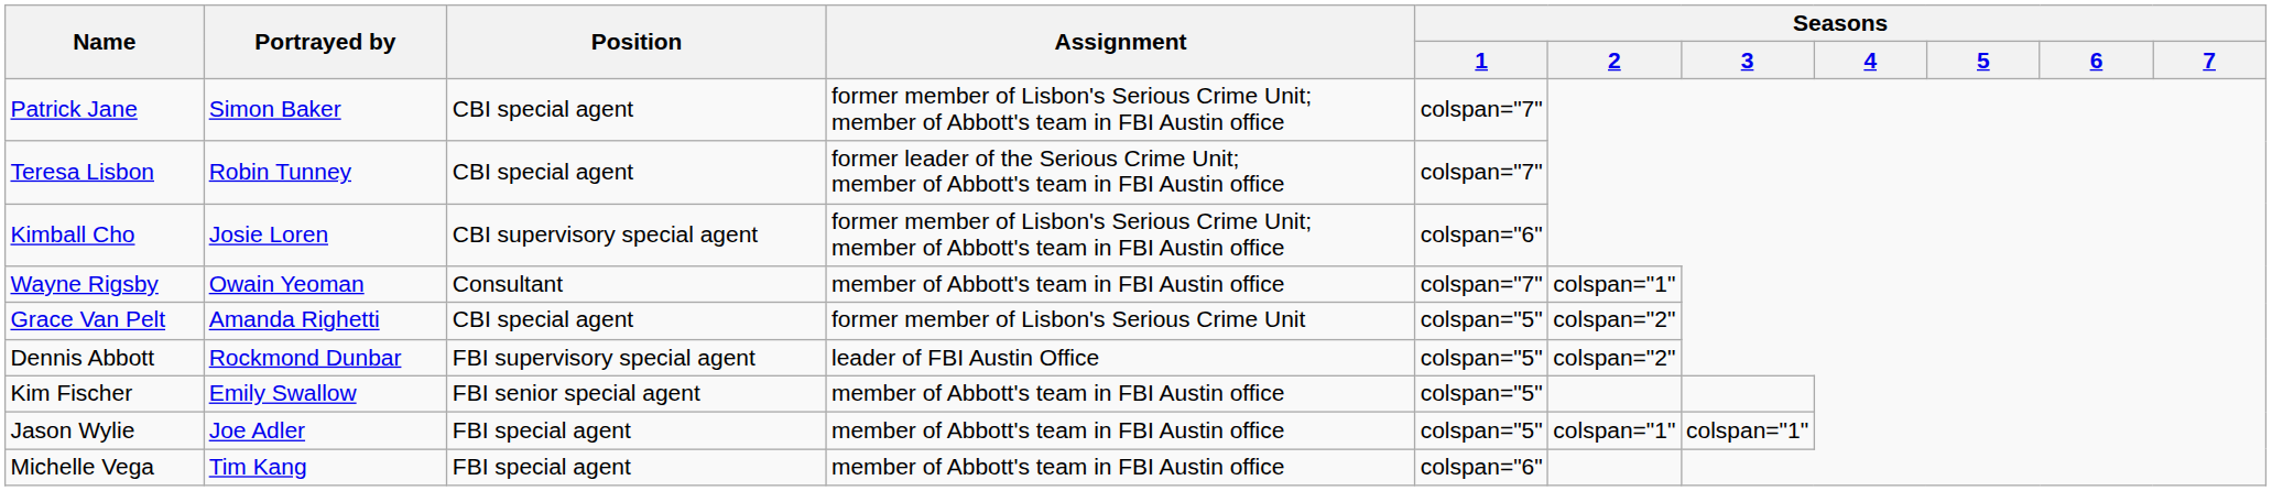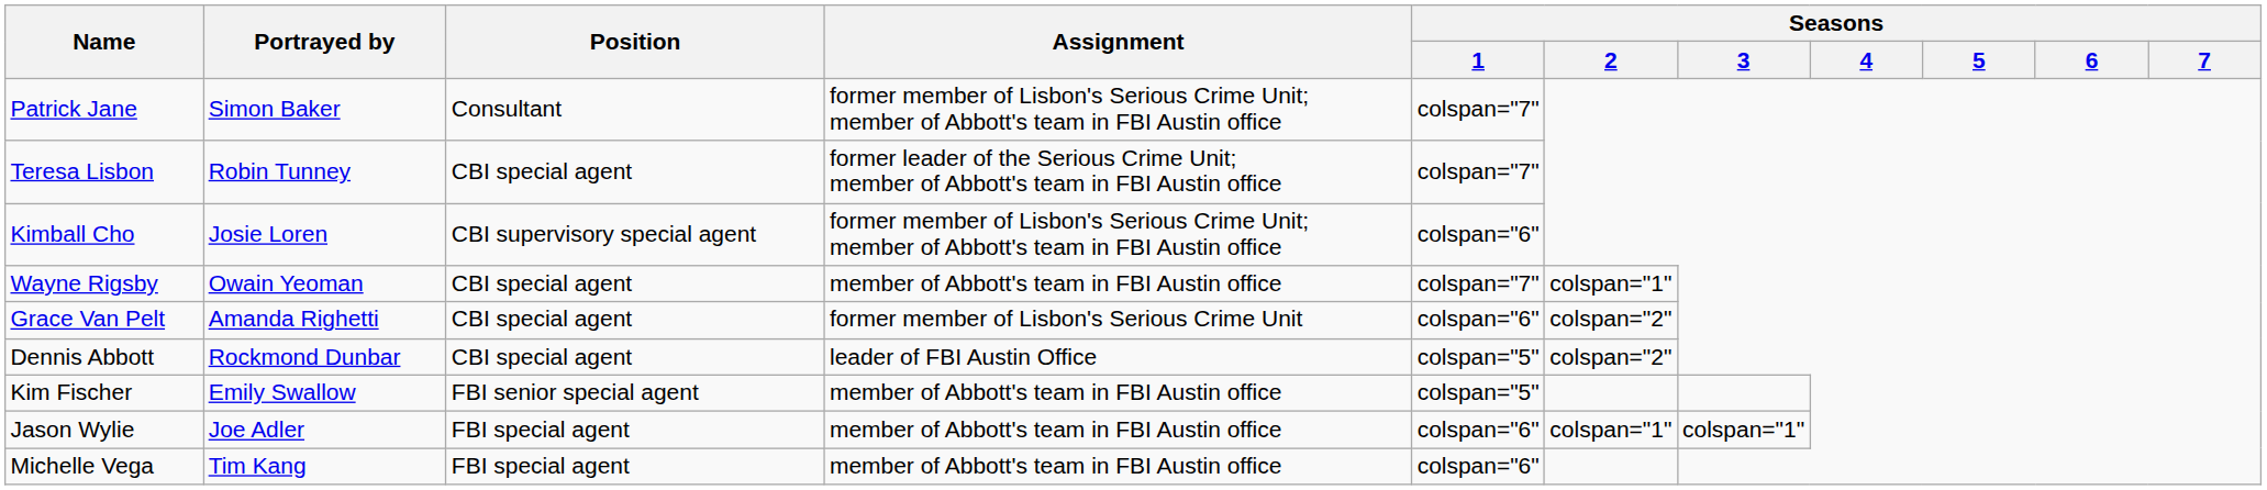 <table class="wikitable plainrowheaders">
 <tr>
 <th scope="col" rowspan="2">Name</th>
 <th scope="col" rowspan="2">Portrayed by</th>
 <th scope="col" rowspan="2">Position</th>
 <th scope="col" rowspan="2">Assignment</th>
 <th scope="col" colspan="7">Seasons</th>
 </tr>
 <tr>
 <th scope="col" style="width:5%;"><a href='#'>1</a></th>
 <th scope="col" style="width:5%;"><a href='#'>2</a></th>
 <th scope="col" style="width:5%;"><a href='#'>3</a></th>
 <th scope="col" style="width:5%;"><a href='#'>4</a></th>
 <th scope="col" style="width:5%;"><a href='#'>5</a></th>
 <th scope="col" style="width:5%;"><a href='#'>6</a></th>
 <th scope="col" style="width:5%;"><a href='#'>7</a></th>
 </tr>
 <tr>
 <td scope="row"><a href='#'>Patrick Jane</a></td>
 <td><a href='#'>Simon Baker</a></td>
-<td>CBI special agent</td>
+<td>Consultant</td>
 <td>former member of Lisbon's Serious Crime Unit;<br>member of Abbott's team in FBI Austin office</td>
 <td>colspan="7" </td>
 </tr>
 <tr>
 <td scope="row"><a href='#'>Teresa Lisbon</a></td>
 <td><a href='#'>Robin Tunney</a></td>
 <td>CBI special agent</td>
 <td>former leader of the Serious Crime Unit;<br>member of Abbott's team in FBI Austin office</td>
 <td>colspan="7" </td>
 </tr>
 <tr>
 <td scope="row"><a href='#'>Kimball Cho</a></td>
 <td><a href='#'>Josie Loren</a></td>
 <td>CBI supervisory special agent</td>
 <td>former member of Lisbon's Serious Crime Unit;<br>member of Abbott's team in FBI Austin office</td>
 <td>colspan="6" </td>
 </tr>
 <tr>
 <td scope="row"><a href='#'>Wayne Rigsby</a></td>
 <td><a href='#'>Owain Yeoman</a></td>
-<td>Consultant</td>
+<td>CBI special agent</td>
 <td>member of Abbott's team in FBI Austin office</td>
 <td>colspan="7" </td>
 <td>colspan="1" </td>
 </tr>
 <tr>
 <td scope="row"><a href='#'>Grace Van Pelt</a></td>
 <td><a href='#'>Amanda Righetti</a></td>
 <td>CBI special agent</td>
 <td>former member of Lisbon's Serious Crime Unit</td>
-<td>colspan="5" </td>
+<td>colspan="6" </td>
 <td>colspan="2" </td>
 </tr>
 <tr>
 <td scope="row">Dennis Abbott</td>
 <td><a href='#'>Rockmond Dunbar</a></td>
-<td>FBI supervisory special agent</td>
+<td>CBI special agent</td>
 <td>leader of FBI Austin Office</td>
 <td>colspan="5" </td>
 <td>colspan="2" </td>
 </tr>
 <tr>
 <td scope="row">Kim Fischer</td>
 <td><a href='#'>Emily Swallow</a></td>
 <td>FBI senior special agent</td>
 <td>member of Abbott's team in FBI Austin office</td>
 <td>colspan="5" </td>
 <td></td>
 <td></td>
 </tr>
 <tr>
 <td scope="row">Jason Wylie</td>
 <td><a href='#'>Joe Adler</a></td>
 <td>FBI special agent</td>
 <td>member of Abbott's team in FBI Austin office</td>
-<td>colspan="5" </td>
+<td>colspan="6" </td>
 <td>colspan="1" </td>
 <td>colspan="1" </td>
 </tr>
 <tr>
 <td scope="row">Michelle Vega</td>
 <td><a href='#'>Tim Kang</a></td>
 <td>FBI special agent</td>
 <td>member of Abbott's team in FBI Austin office</td>
 <td>colspan="6" </td>
 <td></td>
 </tr>
 </table>
